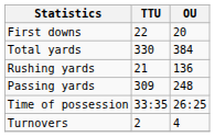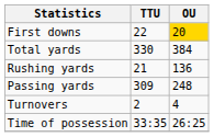 <table class="wikitable">
 <tr>
 <th>Statistics</th>
 <th>TTU</th>
 <th>OU</th>
 </tr>
 <tr>
 <td>First downs</td>
 <td>22</td>
-<td>20</td>
+<td style="background: gold;">20</td>
 </tr>
 <tr>
 <td>Total yards</td>
 <td>330</td>
 <td>384</td>
 </tr>
 <tr>
 <td>Rushing yards</td>
 <td>21</td>
 <td>136</td>
 </tr>
 <tr>
 <td>Passing yards</td>
 <td>309</td>
 <td>248</td>
 </tr>
 <tr>
+<td>Turnovers</td>
+<td>2</td>
+<td>4</td>
+</tr>
+<tr>
 <td>Time of possession</td>
 <td>33:35</td>
 <td>26:25</td>
 </tr>
 <tr>
-<td>Turnovers</td>
-<td>2</td>
-<td>4</td>
-</tr>
-<tr>
 </tr>
 </table>
